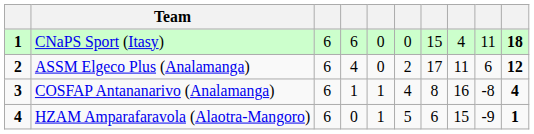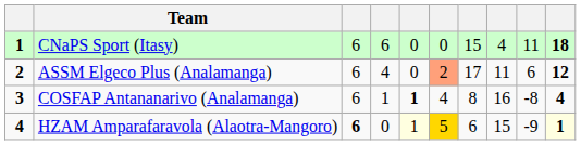 <table class="wikitable" style="text-align: center;">
 <tr>
 <th width=20></th>
 <th>Team</th>
 <th width=20></th>
 <th width=20></th>
 <th width=20></th>
 <th width=20></th>
 <th width=20></th>
 <th width=20></th>
 <th width=20></th>
 <th width=20></th>
 </tr>
 <tr bgcolor=#ccffcc>
 <td><strong>1</strong></td>
 <td align="left"><a href='#'>CNaPS Sport</a> (<a href='#'>Itasy</a>)</td>
 <td>6</td>
 <td>6</td>
 <td>0</td>
 <td>0</td>
 <td>15</td>
 <td>4</td>
 <td>11</td>
 <td><strong>18</strong></td>
 </tr>
 <tr>
 <td><strong>2</strong></td>
 <td align="left"><a href='#'>ASSM Elgeco Plus</a> (<a href='#'>Analamanga</a>)</td>
 <td>6</td>
 <td>4</td>
 <td>0</td>
-<td>2</td>
+<td style="background: lightsalmon;">2</td>
 <td>17</td>
 <td>11</td>
 <td>6</td>
 <td><strong>12</strong></td>
 </tr>
 <tr>
 <td><strong>3</strong></td>
 <td align="left"><a href='#'>COSFAP Antananarivo</a> (<a href='#'>Analamanga</a>)</td>
 <td>6</td>
 <td>1</td>
-<td>1</td>
+<td><strong>1</strong></td>
 <td>4</td>
 <td>8</td>
 <td>16</td>
 <td>-8</td>
 <td><strong>4</strong></td>
 </tr>
 <tr>
 <td><strong>4</strong></td>
 <td align="left"><a href='#'>HZAM Amparafaravola</a> (<a href='#'>Alaotra-Mangoro</a>)</td>
-<td>6</td>
+<td><strong>6</strong></td>
 <td>0</td>
-<td>1</td>
-<td>5</td>
+<td style="background: lightyellow;">1</td>
+<td style="background: gold;">5</td>
 <td>6</td>
 <td>15</td>
 <td>-9</td>
-<td><strong>1</strong></td>
+<td style="background: lightyellow;"><strong>1</strong></td>
 </tr>
 </table>
